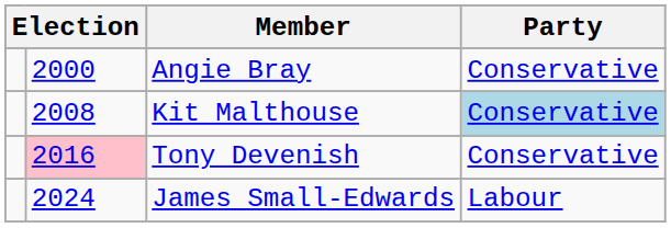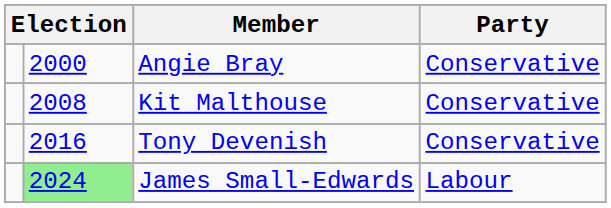 <table class="wikitable">
 <tr>
 <th colspan="2">Election</th>
 <th>Member</th>
 <th>Party</th>
 </tr>
 <tr>
 <td style="background-color: "></td>
 <td><a href='#'>2000</a></td>
 <td><a href='#'>Angie Bray</a></td>
 <td><a href='#'>Conservative</a></td>
 </tr>
 <tr>
 <td style="background-color: "></td>
 <td><a href='#'>2008</a></td>
 <td><a href='#'>Kit Malthouse</a></td>
-<td style="background: lightblue;"><a href='#'>Conservative</a></td>
+<td><a href='#'>Conservative</a></td>
 </tr>
 <tr>
 <td style="background-color: "></td>
-<td style="background: pink;"><a href='#'>2016</a></td>
+<td><a href='#'>2016</a></td>
 <td><a href='#'>Tony Devenish</a></td>
 <td><a href='#'>Conservative</a></td>
 </tr>
 <tr>
 <td style="background-color: "></td>
-<td><a href='#'>2024</a></td>
+<td style="background: lightgreen;"><a href='#'>2024</a></td>
 <td><a href='#'>James Small-Edwards</a></td>
 <td><a href='#'>Labour</a></td>
 </tr>
 </table>
